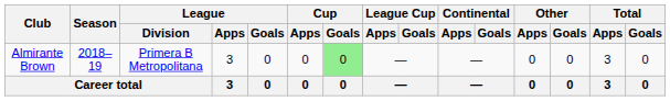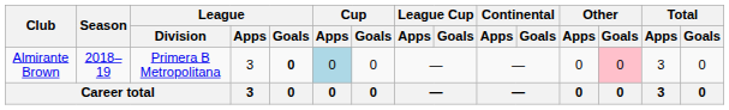 <table class="wikitable" style="text-align:center">
 <tr>
 <th rowspan="2">Club</th>
 <th rowspan="2">Season</th>
 <th colspan="3">League</th>
 <th colspan="2">Cup</th>
 <th colspan="2">League Cup</th>
 <th colspan="2">Continental</th>
 <th colspan="2">Other</th>
 <th colspan="2">Total</th>
 </tr>
 <tr>
 <th>Division</th>
 <th>Apps</th>
 <th>Goals</th>
 <th>Apps</th>
 <th>Goals</th>
 <th>Apps</th>
 <th>Goals</th>
 <th>Apps</th>
 <th>Goals</th>
 <th>Apps</th>
 <th>Goals</th>
 <th>Apps</th>
 <th>Goals</th>
 </tr>
 <tr>
 <td rowspan="1"><a href='#'>Almirante Brown</a></td>
 <td><a href='#'>2018–19</a></td>
 <td rowspan="1"><a href='#'>Primera B Metropolitana</a></td>
 <td>3</td>
+<td><strong>0</strong></td>
+<td style="background: lightblue;">0</td>
 <td>0</td>
-<td>0</td>
-<td style="background: lightgreen;">0</td>
 <td colspan="2">—</td>
 <td colspan="2">—</td>
 <td>0</td>
-<td>0</td>
+<td style="background: pink;">0</td>
 <td>3</td>
 <td>0</td>
 </tr>
 <tr>
 <th colspan="3">Career total</th>
 <th>3</th>
 <th>0</th>
 <th>0</th>
 <th>0</th>
 <th colspan="2">—</th>
 <th colspan="2">—</th>
 <th>0</th>
 <th>0</th>
 <th>3</th>
 <th>0</th>
 </tr>
 </table>
